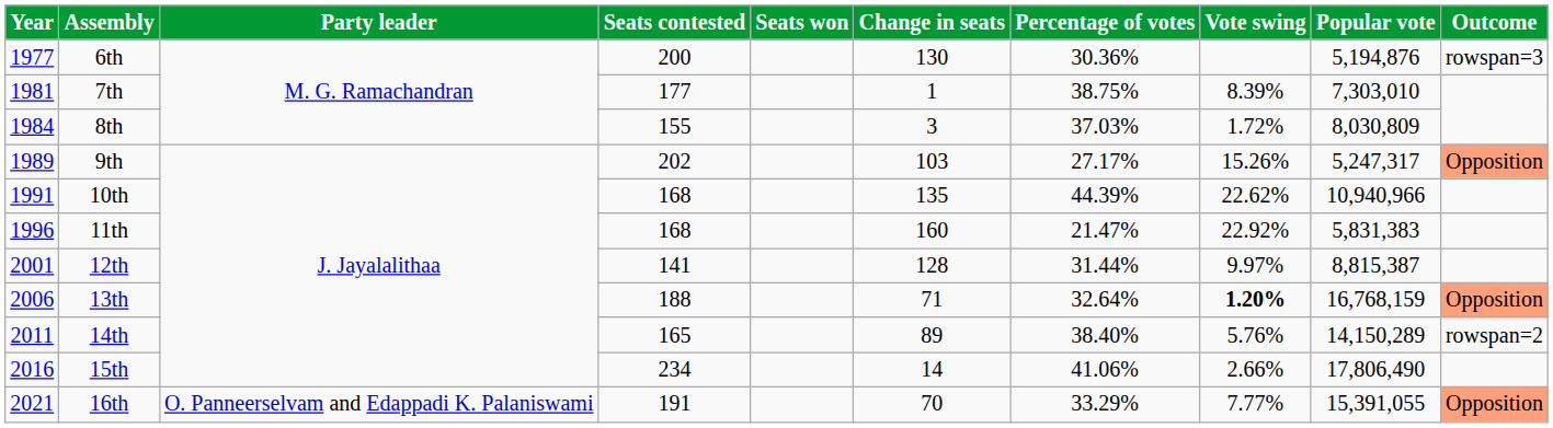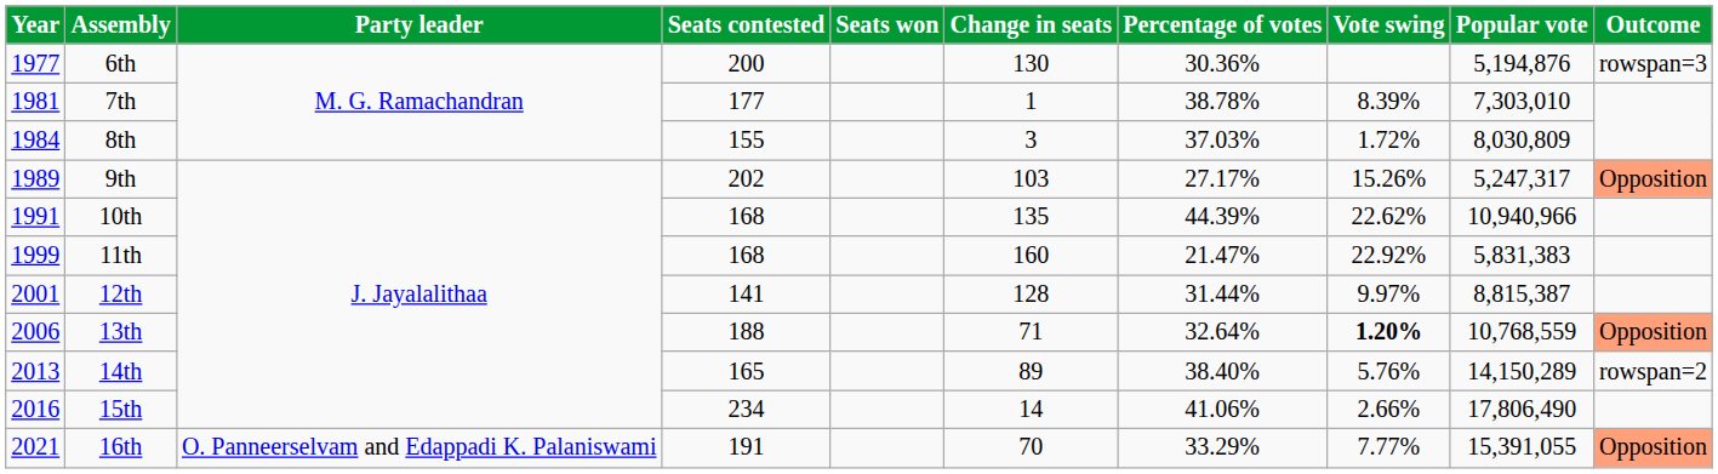 <table class="wikitable sortable" style="text-align:center;">
 <tr>
 <th style="background-color:#009933;color:white">Year</th>
 <th style="background-color:#009933;color:white">Assembly</th>
 <th style="background-color:#009933;color:white">Party leader</th>
 <th style="background-color:#009933;color:white">Seats contested</th>
 <th style="background-color:#009933;color:white">Seats won</th>
 <th style="background-color:#009933;color:white">Change in seats</th>
 <th style="background-color:#009933;color:white">Percentage of votes</th>
 <th style="background-color:#009933;color:white">Vote swing</th>
 <th style="background-color:#009933;color:white">Popular vote</th>
 <th style="background-color:#009933;color:white">Outcome</th>
 </tr>
 <tr>
 <td><a href='#'>1977</a></td>
 <td>6th</td>
 <td rowspan=3><a href='#'>M. G. Ramachandran</a></td>
 <td>200</td>
 <td></td>
 <td> 130</td>
 <td>30.36%</td>
 <td></td>
 <td>5,194,876</td>
 <td>rowspan=3 </td>
 </tr>
 <tr>
 <td><a href='#'>1981</a></td>
 <td>7th</td>
 <td>177</td>
 <td></td>
 <td> 1</td>
-<td>38.75%</td>
+<td>38.78%</td>
 <td> 8.39%</td>
 <td>7,303,010</td>
 </tr>
 <tr>
 <td><a href='#'>1984</a></td>
 <td>8th</td>
 <td>155</td>
 <td></td>
 <td> 3</td>
 <td>37.03%</td>
 <td> 1.72%</td>
 <td>8,030,809</td>
 </tr>
 <tr>
 <td><a href='#'>1989</a></td>
 <td>9th</td>
 <td rowspan=7><a href='#'>J. Jayalalithaa</a></td>
 <td>202</td>
 <td></td>
 <td> 103</td>
 <td>27.17%</td>
 <td> 15.26%</td>
 <td>5,247,317</td>
 <td style="background:#FFA07A;">Opposition</td>
 </tr>
 <tr>
 <td><a href='#'>1991</a></td>
 <td>10th</td>
 <td>168</td>
 <td></td>
 <td> 135</td>
 <td>44.39%</td>
 <td> 22.62%</td>
 <td>10,940,966</td>
 <td></td>
 </tr>
 <tr>
-<td><a href='#'>1996</a></td>
+<td><a href='#'>1999</a></td>
 <td>11th</td>
 <td>168</td>
 <td></td>
 <td> 160</td>
 <td>21.47%</td>
 <td> 22.92%</td>
 <td>5,831,383</td>
 <td></td>
 </tr>
 <tr>
 <td><a href='#'>2001</a></td>
 <td><a href='#'>12th</a></td>
 <td>141</td>
 <td></td>
 <td> 128</td>
 <td>31.44%</td>
 <td> 9.97%</td>
 <td>8,815,387</td>
 <td></td>
 </tr>
 <tr>
 <td><a href='#'>2006</a></td>
 <td><a href='#'>13th</a></td>
 <td>188</td>
 <td></td>
 <td> 71</td>
 <td>32.64%</td>
 <td><strong> 1.20%</strong></td>
-<td>16,768,159</td>
+<td>10,768,559</td>
 <td style="background:#FFA07A;">Opposition</td>
 </tr>
 <tr>
-<td><a href='#'>2011</a></td>
+<td><a href='#'>2013</a></td>
 <td><a href='#'>14th</a></td>
 <td>165</td>
 <td></td>
 <td> 89</td>
 <td>38.40%</td>
 <td> 5.76%</td>
 <td>14,150,289</td>
 <td>rowspan=2 </td>
 </tr>
 <tr>
 <td><a href='#'>2016</a></td>
 <td><a href='#'>15th</a></td>
 <td>234</td>
 <td></td>
 <td> 14</td>
 <td>41.06%</td>
 <td> 2.66%</td>
 <td>17,806,490</td>
 </tr>
 <tr>
 <td><a href='#'>2021</a></td>
 <td><a href='#'>16th</a></td>
 <td><a href='#'>O. Panneerselvam</a> and <a href='#'>Edappadi&nbsp;K.&nbsp;Palaniswami</a></td>
 <td>191</td>
 <td></td>
 <td> 70</td>
 <td>33.29%</td>
 <td> 7.77%</td>
 <td>15,391,055</td>
 <td style="background:#FFA07A;">Opposition</td>
 </tr>
 </table>
